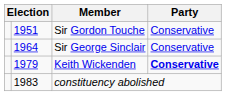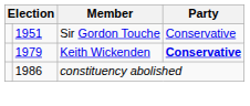 <table class="wikitable">
 <tr>
 <th colspan="2">Election</th>
 <th>Member</th>
 <th>Party</th>
 </tr>
 <tr>
 <td style="color:inherit;background-color: "></td>
 <td><a href='#'>1951</a></td>
 <td>Sir <a href='#'>Gordon Touche</a></td>
 <td><a href='#'>Conservative</a></td>
 </tr>
 <tr>
 <td style="color:inherit;background-color: "></td>
-<td><a href='#'>1964</a></td>
-<td>Sir <a href='#'>George Sinclair</a></td>
-<td><a href='#'>Conservative</a></td>
-</tr>
-<tr>
-<td style="color:inherit;background-color: "></td>
 <td><a href='#'>1979</a></td>
 <td><a href='#'>Keith Wickenden</a></td>
 <td><strong><a href='#'>Conservative</a></strong></td>
 </tr>
 <tr>
 <td></td>
-<td>1983</td>
+<td>1986</td>
 <td colspan=2><em>constituency abolished</em></td>
 </tr>
 </table>
